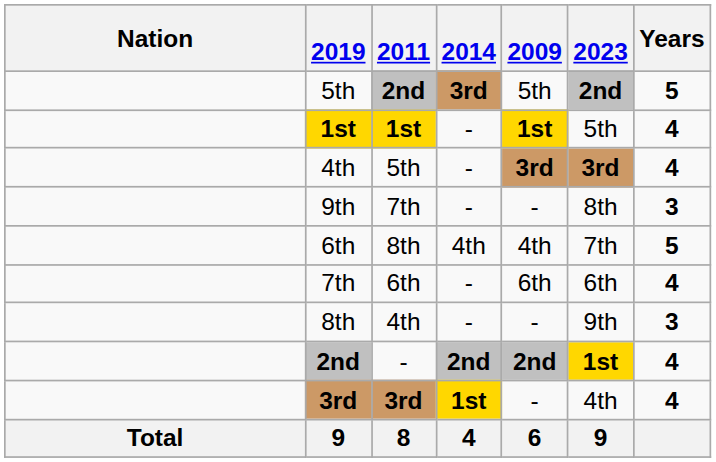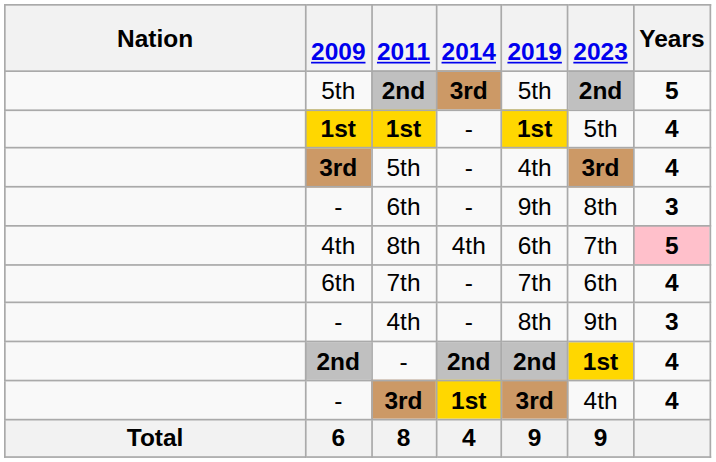 <table class="wikitable" style="text-align:center; font-size:90%">
 <tr>
 <th width=170>Nation</th>
-<th><br><a href='#'>2019</a></th>
+<th><br><a href='#'>2009</a></th>
 <th><br><a href='#'>2011</a></th>
 <th><br><a href='#'>2014</a></th>
-<th><br><a href='#'>2009</a></th>
+<th><br><a href='#'>2019</a></th>
 <th><br><a href='#'>2023</a></th>
 <th>Years</th>
 </tr>
 <tr>
 <td align=left></td>
 <td>5th</td>
 <td bgcolor=silver><strong>2nd</strong></td>
 <td bgcolor=#cc9966><strong>3rd</strong></td>
 <td>5th</td>
 <td bgcolor=silver><strong>2nd</strong></td>
 <td><strong>5</strong></td>
 </tr>
 <tr>
 <td align=left></td>
 <td bgcolor=gold><strong>1st</strong></td>
 <td bgcolor=gold><strong>1st</strong></td>
 <td>-</td>
 <td bgcolor=gold><strong>1st</strong></td>
 <td>5th</td>
 <td><strong>4</strong></td>
 </tr>
 <tr>
 <td align=left></td>
-<td>4th</td>
+<td bgcolor=#cc9966><strong>3rd</strong></td>
 <td>5th</td>
 <td>-</td>
-<td bgcolor=#cc9966><strong>3rd</strong></td>
+<td>4th</td>
 <td bgcolor=#cc9966><strong>3rd</strong></td>
 <td><strong>4</strong></td>
 </tr>
 <tr>
 <td align=left></td>
+<td>-</td>
+<td>6th</td>
+<td>-</td>
 <td>9th</td>
-<td>7th</td>
-<td>-</td>
-<td>-</td>
 <td>8th</td>
 <td><strong>3</strong></td>
 </tr>
 <tr>
 <td align=left></td>
-<td>6th</td>
+<td>4th</td>
 <td>8th</td>
 <td>4th</td>
-<td>4th</td>
+<td>6th</td>
 <td>7th</td>
-<td><strong>5</strong></td>
+<td style="background: pink;"><strong>5</strong></td>
 </tr>
 <tr>
 <td align=left></td>
+<td>6th</td>
 <td>7th</td>
-<td>6th</td>
 <td>-</td>
-<td>6th</td>
+<td>7th</td>
 <td>6th</td>
 <td><strong>4</strong></td>
 </tr>
 <tr>
 <td align=left></td>
-<td>8th</td>
+<td>-</td>
 <td>4th</td>
 <td>-</td>
-<td>-</td>
+<td>8th</td>
 <td>9th</td>
 <td><strong>3</strong></td>
 </tr>
 <tr>
 <td align=left></td>
 <td bgcolor=silver><strong>2nd</strong></td>
 <td>-</td>
 <td bgcolor=silver><strong>2nd</strong></td>
 <td bgcolor=silver><strong>2nd</strong></td>
 <td bgcolor=gold><strong>1st</strong></td>
 <td><strong>4</strong></td>
 </tr>
 <tr>
 <td align=left></td>
-<td bgcolor=#cc9966><strong>3rd</strong></td>
+<td>-</td>
 <td bgcolor=#cc9966><strong>3rd</strong></td>
 <td bgcolor=gold><strong>1st</strong></td>
-<td>-</td>
+<td bgcolor=#cc9966><strong>3rd</strong></td>
 <td>4th</td>
 <td><strong>4</strong></td>
 </tr>
 <tr>
 <th>Total</th>
-<th>9</th>
+<th>6</th>
 <th>8</th>
 <th>4</th>
-<th>6</th>
+<th>9</th>
 <th>9</th>
 <th></th>
 </tr>
 </table>
